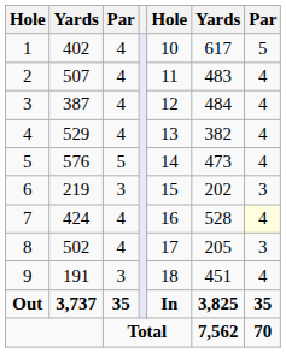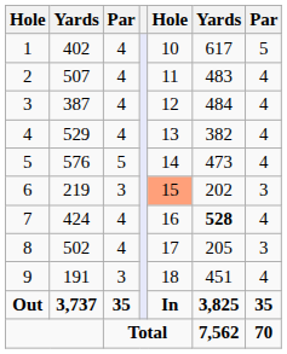 <table class="wikitable" style="text-align:center; font-size:100%;">
 <tr>
 <th>Hole</th>
 <th>Yards</th>
 <th>Par</th>
 <th></th>
 <th>Hole</th>
 <th>Yards</th>
 <th>Par</th>
 </tr>
 <tr>
 <td>1</td>
 <td>402</td>
 <td>4</td>
 <td rowspan=10 style="background:#E6E8FA;"></td>
 <td>10</td>
 <td>617</td>
 <td>5</td>
 </tr>
 <tr>
 <td>2</td>
 <td>507</td>
 <td>4</td>
 <td>11</td>
 <td>483</td>
 <td>4</td>
 </tr>
 <tr>
 <td>3</td>
 <td>387</td>
 <td>4</td>
 <td>12</td>
 <td>484</td>
 <td>4</td>
 </tr>
 <tr>
 <td>4</td>
 <td>529</td>
 <td>4</td>
 <td>13</td>
 <td>382</td>
 <td>4</td>
 </tr>
 <tr>
 <td>5</td>
 <td>576</td>
 <td>5</td>
 <td>14</td>
 <td>473</td>
 <td>4</td>
 </tr>
 <tr>
 <td>6</td>
 <td>219</td>
 <td>3</td>
-<td>15</td>
+<td style="background: lightsalmon;">15</td>
 <td>202</td>
 <td>3</td>
 </tr>
 <tr>
 <td>7</td>
 <td>424</td>
 <td>4</td>
 <td>16</td>
-<td>528</td>
-<td style="background: lightyellow;">4</td>
+<td><strong>528</strong></td>
+<td>4</td>
 </tr>
 <tr>
 <td>8</td>
 <td>502</td>
 <td>4</td>
 <td>17</td>
 <td>205</td>
 <td>3</td>
 </tr>
 <tr>
 <td>9</td>
 <td>191</td>
 <td>3</td>
 <td>18</td>
 <td>451</td>
 <td>4</td>
 </tr>
 <tr>
 <td><strong>Out</strong></td>
 <td><strong>3,737</strong></td>
 <td><strong>35</strong></td>
 <td><strong>In</strong></td>
 <td><strong>3,825</strong></td>
 <td><strong>35</strong></td>
 </tr>
 <tr>
 <td colspan=2 align=left></td>
 <td colspan=3><strong>Total</strong></td>
 <td><strong>7,562</strong></td>
 <td><strong>70</strong></td>
 </tr>
 </table>
